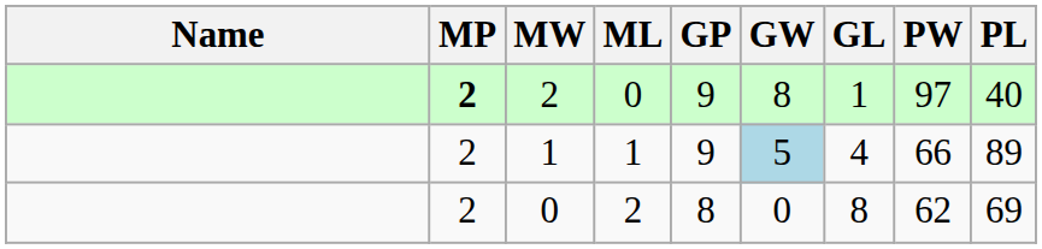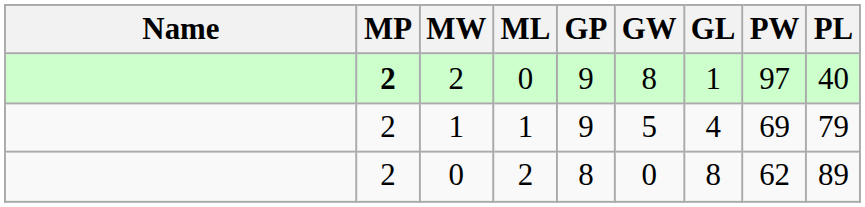 <table class=wikitable style="text-align:center">
 <tr>
 <th width=175>Name</th>
 <th width=20>MP</th>
 <th width=20>MW</th>
 <th width=20>ML</th>
 <th width=20>GP</th>
 <th width=20>GW</th>
 <th width=20>GL</th>
 <th width=20>PW</th>
 <th width=20>PL</th>
 </tr>
 <tr style="background-color:#ccffcc;">
 <td style="text-align:left;"><strong></strong></td>
 <td><strong>2</strong></td>
 <td>2</td>
 <td>0</td>
 <td>9</td>
 <td>8</td>
 <td>1</td>
 <td>97</td>
 <td>40</td>
 </tr>
 <tr>
 <td style="text-align:left;"></td>
 <td>2</td>
 <td>1</td>
 <td>1</td>
 <td>9</td>
-<td style="background: lightblue;">5</td>
+<td>5</td>
 <td>4</td>
-<td>66</td>
-<td>89</td>
+<td>69</td>
+<td>79</td>
 </tr>
 <tr>
 <td style="text-align:left;"></td>
 <td>2</td>
 <td>0</td>
 <td>2</td>
 <td>8</td>
 <td>0</td>
 <td>8</td>
 <td>62</td>
-<td>69</td>
+<td>89</td>
 </tr>
 </table>
